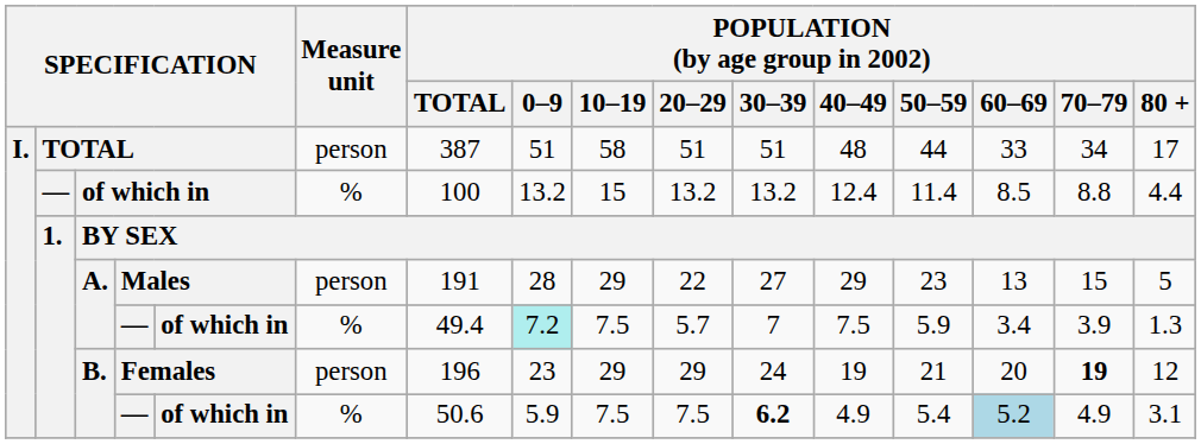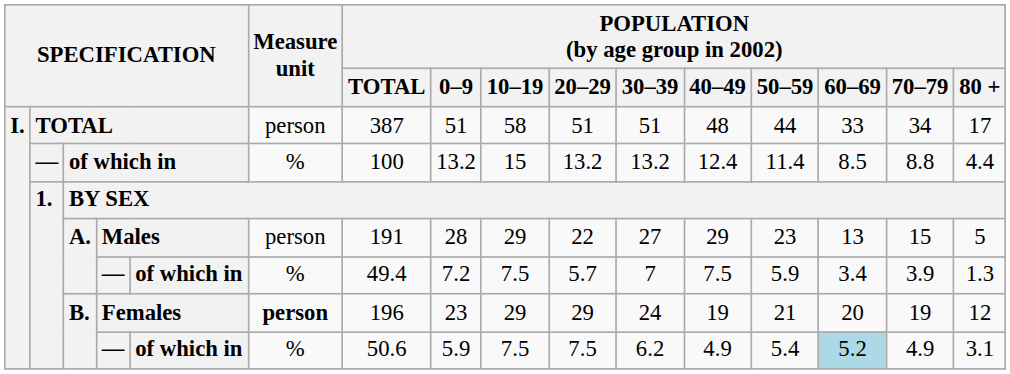 <table class="wikitable" style="font-size:85%; text-align:center">
 <tr>
 <th rowspan="2" colspan="5">SPECIFICATION</th>
 <th rowspan="2">Measure<br> unit</th>
 <th colspan="10" rowspan="1">POPULATION<br> (by age group in 2002)</th>
 </tr>
 <tr>
 <th>TOTAL</th>
 <th>0–9</th>
 <th>10–19</th>
 <th>20–29</th>
 <th>30–39</th>
 <th>40–49</th>
 <th>50–59</th>
 <th>60–69</th>
 <th>70–79</th>
 <th>80 +</th>
 </tr>
 <tr>
 <th style="text-align:left" valign="top" rowspan="7">I.</th>
 <th style="text-align:left" colspan="4">TOTAL</th>
 <td>person</td>
 <td>387</td>
 <td>51</td>
 <td>58</td>
 <td>51</td>
 <td>51</td>
 <td>48</td>
 <td>44</td>
 <td>33</td>
 <td>34</td>
 <td>17</td>
 </tr>
 <tr>
 <th style="text-align:left" valign="top">—</th>
 <th style="text-align:left" colspan="3">of which in</th>
 <td>%</td>
 <td>100</td>
 <td>13.2</td>
 <td>15</td>
 <td>13.2</td>
 <td>13.2</td>
 <td>12.4</td>
 <td>11.4</td>
 <td>8.5</td>
 <td>8.8</td>
 <td>4.4</td>
 </tr>
 <tr>
 <th style="text-align:left" valign="top" rowspan="5">1.</th>
 <th style="text-align:left" colspan="14">BY SEX</th>
 </tr>
 <tr>
 <th style="text-align:left" valign="top" rowspan="2">A.</th>
 <th style="text-align:left" colspan="2">Males</th>
 <td>person</td>
 <td>191</td>
 <td>28</td>
 <td>29</td>
 <td>22</td>
 <td>27</td>
 <td>29</td>
 <td>23</td>
 <td>13</td>
 <td>15</td>
 <td>5</td>
 </tr>
 <tr>
 <th style="text-align:left" valign="top">—</th>
 <th style="text-align:left" colspan="1">of which in</th>
 <td>%</td>
 <td>49.4</td>
-<td style="background: paleturquoise;">7.2</td>
+<td>7.2</td>
 <td>7.5</td>
 <td>5.7</td>
 <td>7</td>
 <td>7.5</td>
 <td>5.9</td>
 <td>3.4</td>
 <td>3.9</td>
 <td>1.3</td>
 </tr>
 <tr>
 <th style="text-align:left" valign="top" rowspan="2">B.</th>
 <th style="text-align:left" colspan="2">Females</th>
-<td>person</td>
+<td><strong>person</strong></td>
 <td>196</td>
 <td>23</td>
 <td>29</td>
 <td>29</td>
 <td>24</td>
 <td>19</td>
 <td>21</td>
 <td>20</td>
-<td><strong>19</strong></td>
+<td>19</td>
 <td>12</td>
 </tr>
 <tr>
 <th style="text-align:left" valign="top">—</th>
 <th style="text-align:left" colspan="1">of which in</th>
 <td>%</td>
 <td>50.6</td>
 <td>5.9</td>
 <td>7.5</td>
 <td>7.5</td>
-<td><strong>6.2</strong></td>
+<td>6.2</td>
 <td>4.9</td>
 <td>5.4</td>
 <td style="background: lightblue;">5.2</td>
 <td>4.9</td>
 <td>3.1</td>
 </tr>
 </table>
